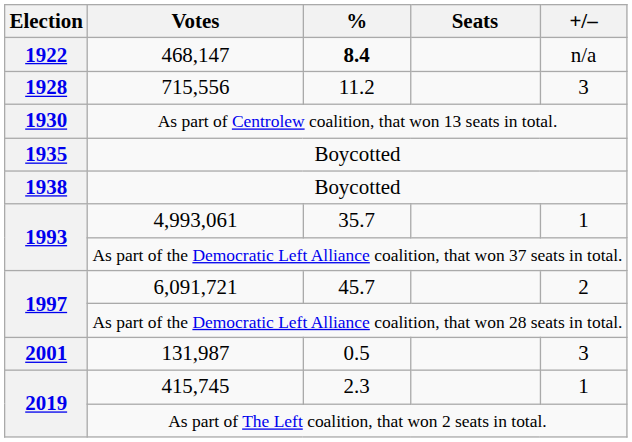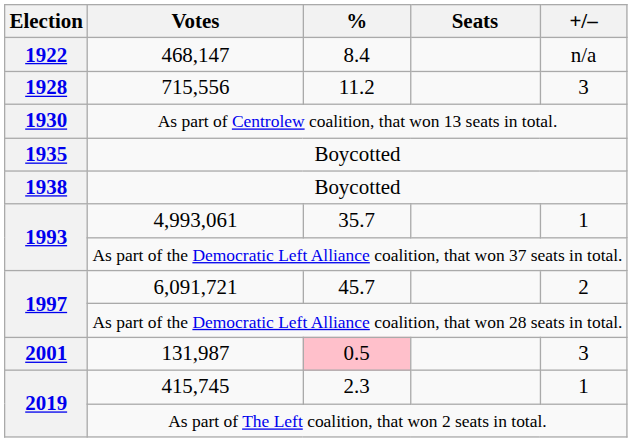 <table class=wikitable style="text-align:center;">
 <tr>
 <th>Election</th>
 <th>Votes</th>
 <th>%</th>
 <th>Seats</th>
 <th>+/–</th>
 </tr>
 <tr>
 <th><a href='#'>1922</a></th>
 <td>468,147</td>
-<td><strong>8.4 </strong></td>
+<td>8.4 </td>
 <td></td>
 <td>n/a</td>
 </tr>
 <tr>
 <th><a href='#'>1928</a></th>
 <td>715,556</td>
 <td>11.2 </td>
 <td></td>
 <td> 3</td>
 </tr>
 <tr>
 <th><a href='#'>1930</a></th>
 <td colspan=4><small>As part of <a href='#'>Centrolew</a> coalition, that won 13 seats in total.</small></td>
 </tr>
 <tr>
 <th><a href='#'>1935</a></th>
 <td colspan=4 style="text-align:center;">Boycotted</td>
 </tr>
 <tr>
 <th><a href='#'>1938</a></th>
 <td colspan=4 style="text-align:center;">Boycotted</td>
 </tr>
 <tr>
 <th rowspan="2"><a href='#'>1993</a></th>
 <td>4,993,061</td>
 <td>35.7 </td>
 <td></td>
 <td> 1</td>
 </tr>
 <tr>
 <td colspan=4><small>As part of the <a href='#'>Democratic Left Alliance</a> coalition, that won 37 seats in total.</small></td>
 </tr>
 <tr>
 <th rowspan="2"><a href='#'>1997</a></th>
 <td>6,091,721</td>
 <td>45.7 </td>
 <td></td>
 <td> 2</td>
 </tr>
 <tr>
 <td colspan=4><small>As part of the <a href='#'>Democratic Left Alliance</a> coalition, that won 28 seats in total.</small></td>
 </tr>
 <tr>
 <th><a href='#'>2001</a></th>
 <td>131,987</td>
-<td>0.5 </td>
+<td style="background: pink;">0.5 </td>
 <td></td>
 <td> 3</td>
 </tr>
 <tr>
 <th rowspan="2"><a href='#'>2019</a></th>
 <td>415,745</td>
 <td>2.3 </td>
 <td></td>
 <td> 1</td>
 </tr>
 <tr>
 <td colspan=4><small>As part of <a href='#'>The Left</a> coalition, that won 2 seats in total.</small></td>
 </tr>
 </table>
